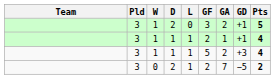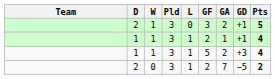 <table class="wikitable" style="text-align:center;">
 <tr>
 <th width=180>Team</th>
+<th width=20>D</th>
+<th width=20>W</th>
 <th width=20>Pld</th>
-<th width=20>W</th>
-<th width=20>D</th>
 <th width=20>L</th>
 <th width=20>GF</th>
 <th width=20>GA</th>
 <th width=20>GD</th>
 <th width=20>Pts</th>
 </tr>
 <tr bgcolor="ccffcc">
 <td align="left"></td>
+<td>2</td>
+<td>1</td>
 <td>3</td>
-<td>1</td>
-<td>2</td>
 <td>0</td>
 <td>3</td>
 <td>2</td>
 <td>+1</td>
 <td><strong>5</strong></td>
 </tr>
 <tr bgcolor="ccffcc">
 <td align="left"></td>
-<td>3</td>
 <td>1</td>
 <td>1</td>
+<td>3</td>
 <td>1</td>
 <td>2</td>
 <td>1</td>
 <td>+1</td>
 <td><strong>4</strong></td>
 </tr>
 <tr>
 <td align="left"></td>
-<td>3</td>
 <td>1</td>
 <td>1</td>
+<td>3</td>
 <td>1</td>
 <td>5</td>
 <td>2</td>
 <td>+3</td>
 <td><strong>4</strong></td>
 </tr>
 <tr>
 <td align="left"></td>
+<td>2</td>
+<td>0</td>
 <td>3</td>
-<td>0</td>
-<td>2</td>
 <td>1</td>
 <td>2</td>
 <td>7</td>
 <td>−5</td>
 <td><strong>2</strong></td>
 </tr>
 </table>
